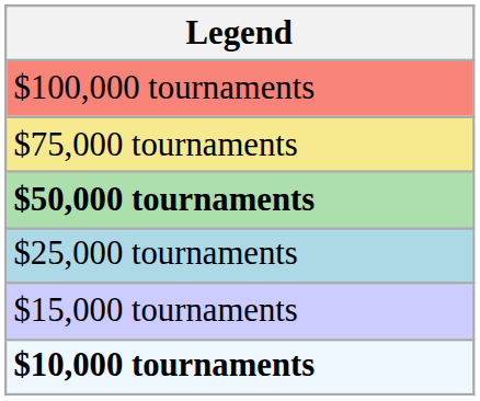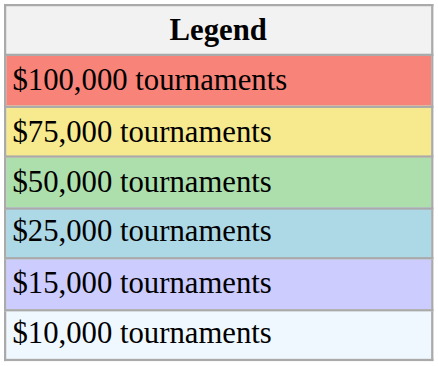 <table class="wikitable" style="font-size:85%;" width=15%>
 <tr>
 <th>Legend</th>
 </tr>
 <tr bgcolor="#F88379">
 <td>$100,000 tournaments</td>
 </tr>
 <tr bgcolor="#F7E98E">
 <td>$75,000 tournaments</td>
 </tr>
 <tr bgcolor="#ADDFAD">
-<td><strong>$50,000 tournaments</strong></td>
+<td>$50,000 tournaments</td>
 </tr>
 <tr bgcolor="lightblue">
 <td>$25,000 tournaments</td>
 </tr>
 <tr style="background:#ccccff;">
 <td>$15,000 tournaments</td>
 </tr>
 <tr bgcolor="#f0f8ff">
-<td><strong>$10,000 tournaments</strong></td>
+<td>$10,000 tournaments</td>
 </tr>
 </table>
